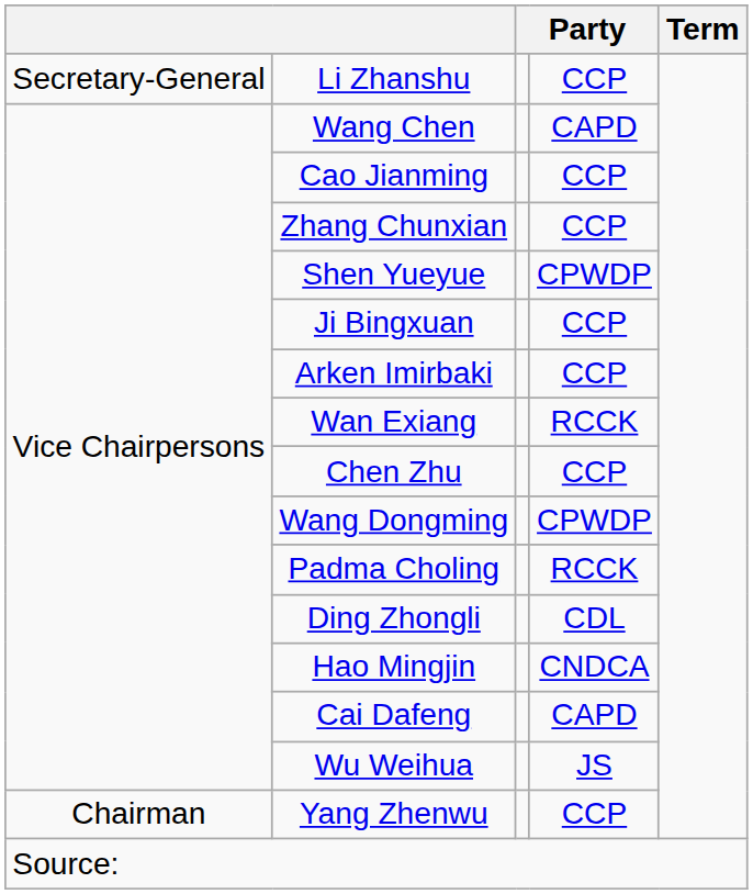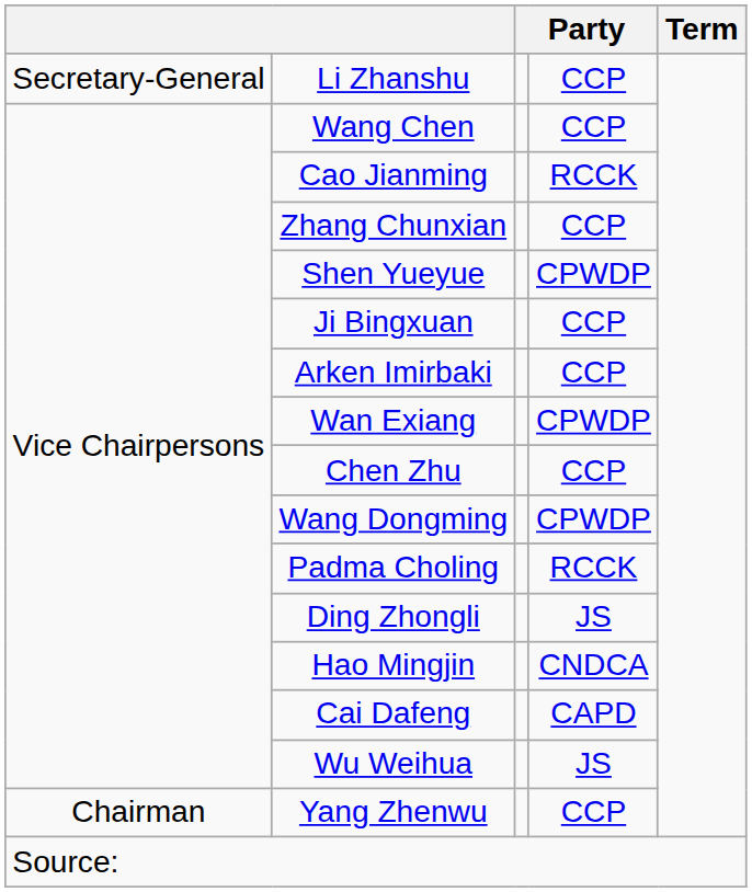 <table class="wikitable" style="text-align:center">
 <tr>
 <th colspan="2"></th>
 <th colspan="2">Party</th>
 <th>Term</th>
 </tr>
 <tr>
 <td>Secretary-General</td>
 <td><a href='#'>Li Zhanshu</a></td>
 <td style="background:"></td>
 <td><a href='#'>CCP</a></td>
 <td rowspan="16"></td>
 </tr>
 <tr>
 <td rowspan="14">Vice Chairpersons</td>
 <td><a href='#'>Wang Chen</a></td>
 <td style="background:"></td>
-<td><a href='#'>CAPD</a></td>
+<td><a href='#'>CCP</a></td>
 </tr>
 <tr>
 <td><a href='#'>Cao Jianming</a></td>
 <td style="background:"></td>
-<td><a href='#'>CCP</a></td>
+<td><a href='#'>RCCK</a></td>
 </tr>
 <tr>
 <td><a href='#'>Zhang Chunxian</a></td>
 <td style="background:"></td>
 <td><a href='#'>CCP</a></td>
 </tr>
 <tr>
 <td><a href='#'>Shen Yueyue</a></td>
 <td style="background:"></td>
 <td><a href='#'>CPWDP</a></td>
 </tr>
 <tr>
 <td><a href='#'>Ji Bingxuan</a></td>
 <td style="background:"></td>
 <td><a href='#'>CCP</a></td>
 </tr>
 <tr>
 <td><a href='#'>Arken Imirbaki</a></td>
 <td style="background:"></td>
 <td><a href='#'>CCP</a></td>
 </tr>
 <tr>
 <td><a href='#'>Wan Exiang</a></td>
 <td style="background:"></td>
-<td><a href='#'>RCCK</a></td>
+<td><a href='#'>CPWDP</a></td>
 </tr>
 <tr>
 <td><a href='#'>Chen Zhu</a></td>
 <td style="background:"></td>
 <td><a href='#'>CCP</a></td>
 </tr>
 <tr>
 <td><a href='#'>Wang Dongming</a></td>
 <td style="background:"></td>
 <td><a href='#'>CPWDP</a></td>
 </tr>
 <tr>
 <td><a href='#'>Padma Choling</a></td>
 <td style="background:"></td>
 <td><a href='#'>RCCK</a></td>
 </tr>
 <tr>
 <td><a href='#'>Ding Zhongli</a></td>
 <td style="background:"></td>
-<td><a href='#'>CDL</a></td>
+<td><a href='#'>JS</a></td>
 </tr>
 <tr>
 <td><a href='#'>Hao Mingjin</a></td>
 <td style="background:"></td>
 <td><a href='#'>CNDCA</a></td>
 </tr>
 <tr>
 <td><a href='#'>Cai Dafeng</a></td>
 <td style="background:"></td>
 <td><a href='#'>CAPD</a></td>
 </tr>
 <tr>
 <td><a href='#'>Wu Weihua</a></td>
 <td style="background:"></td>
 <td><a href='#'>JS</a></td>
 </tr>
 <tr>
 <td>Chairman</td>
 <td><a href='#'>Yang Zhenwu</a></td>
 <td style="background:"></td>
 <td><a href='#'>CCP</a></td>
 </tr>
 <tr>
 <td colspan="5" align="left">Source:</td>
 </tr>
 </table>
